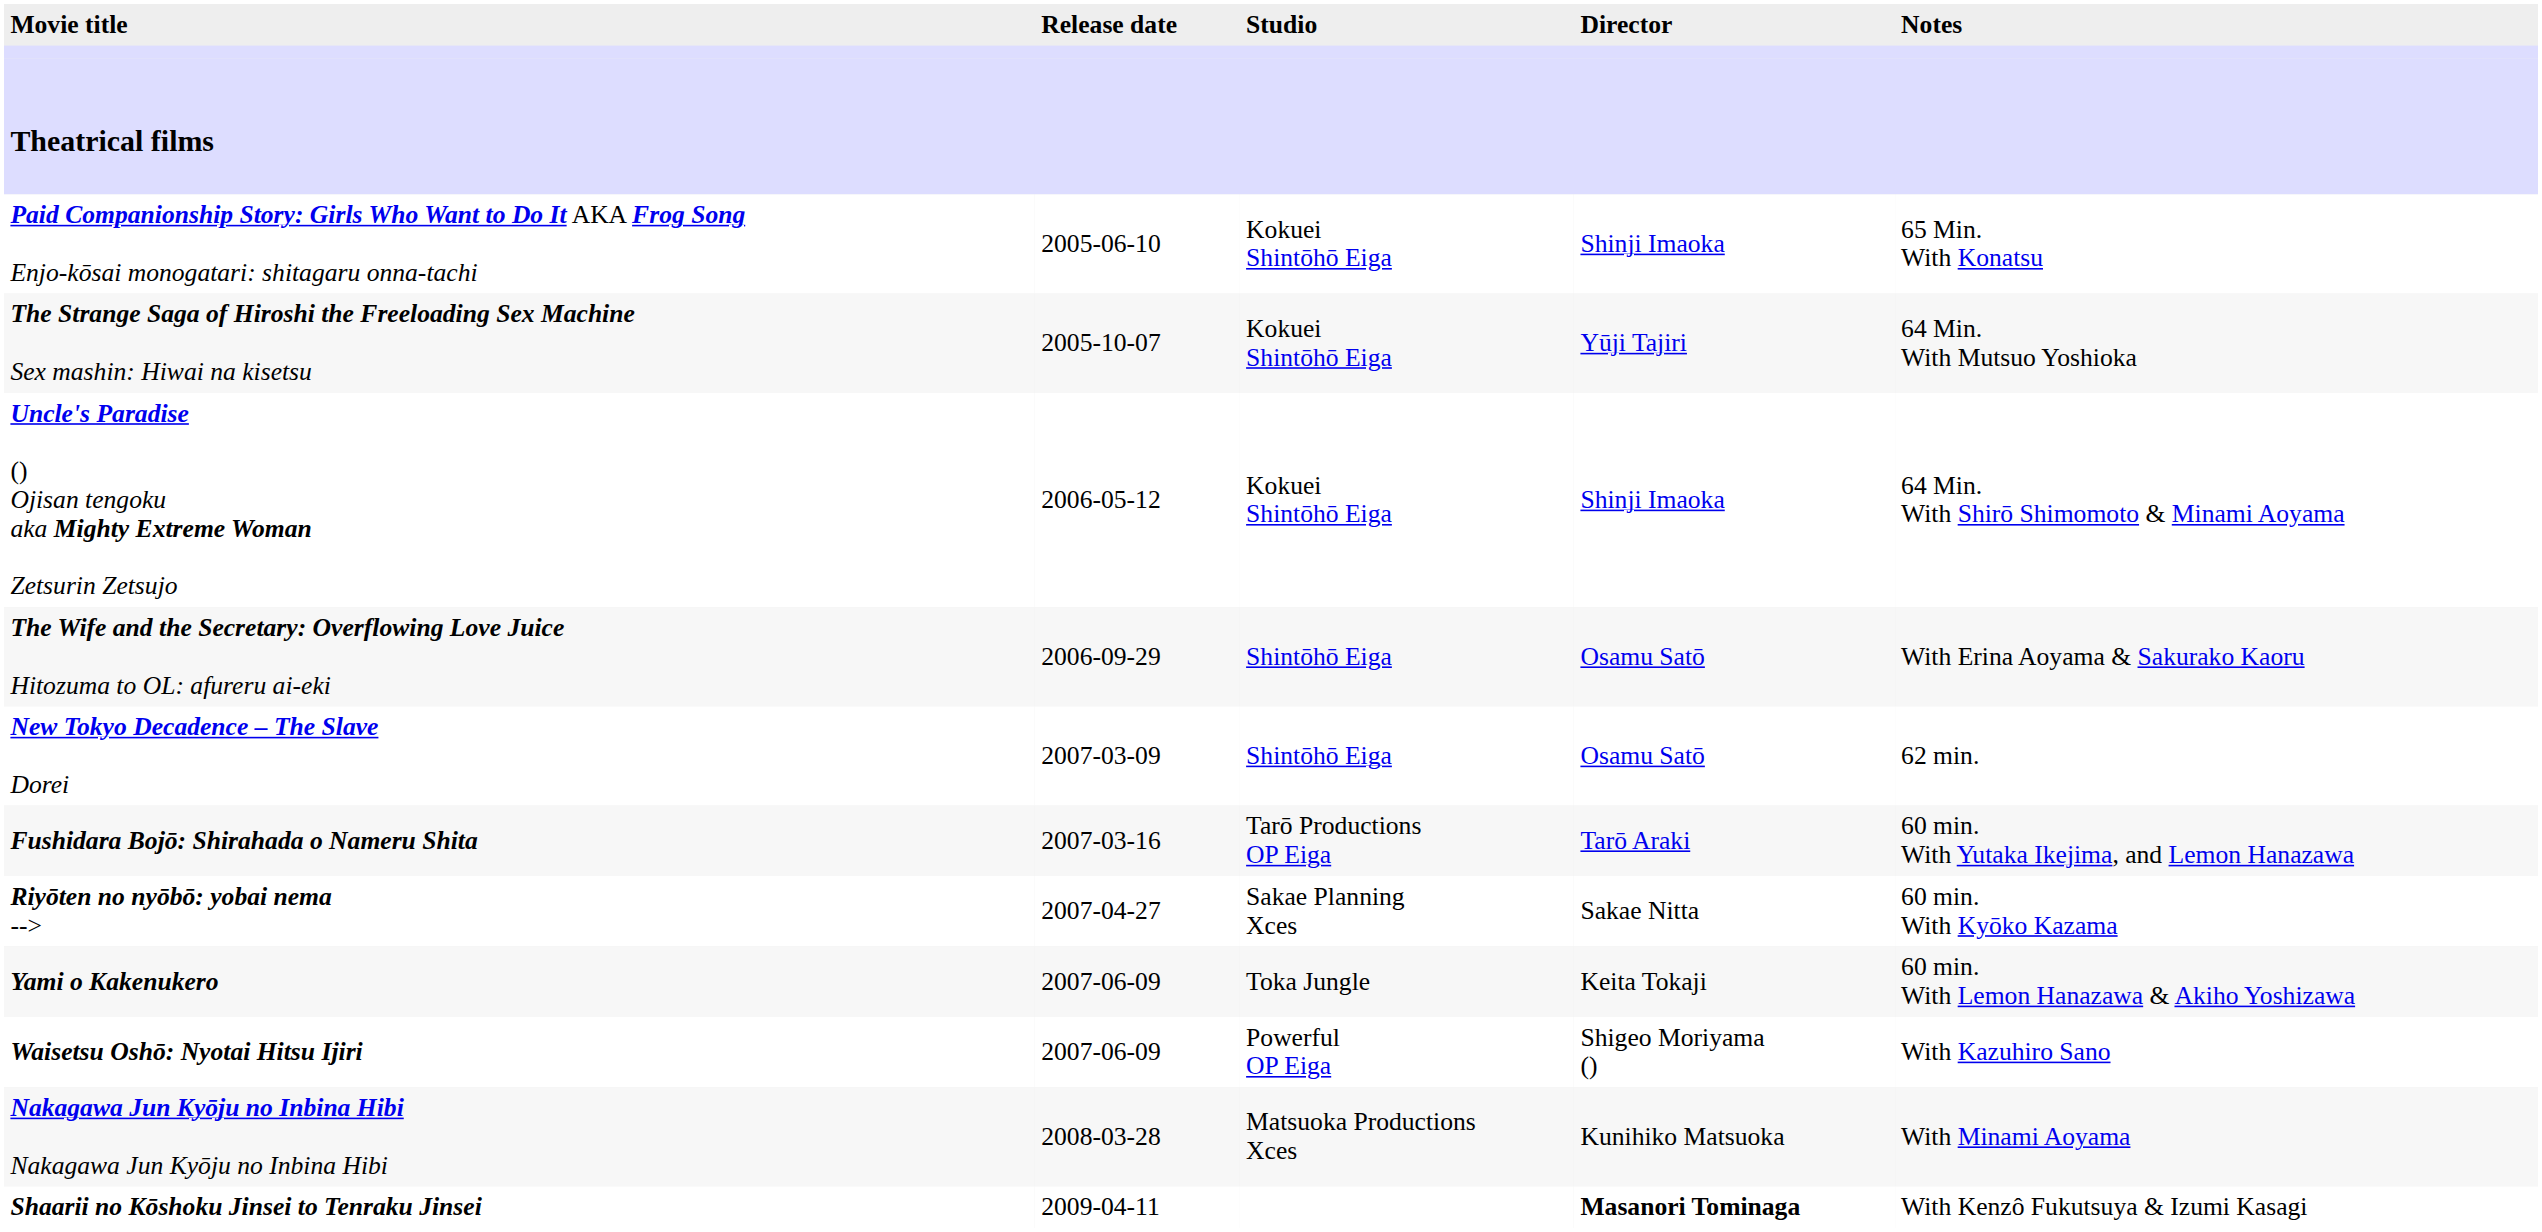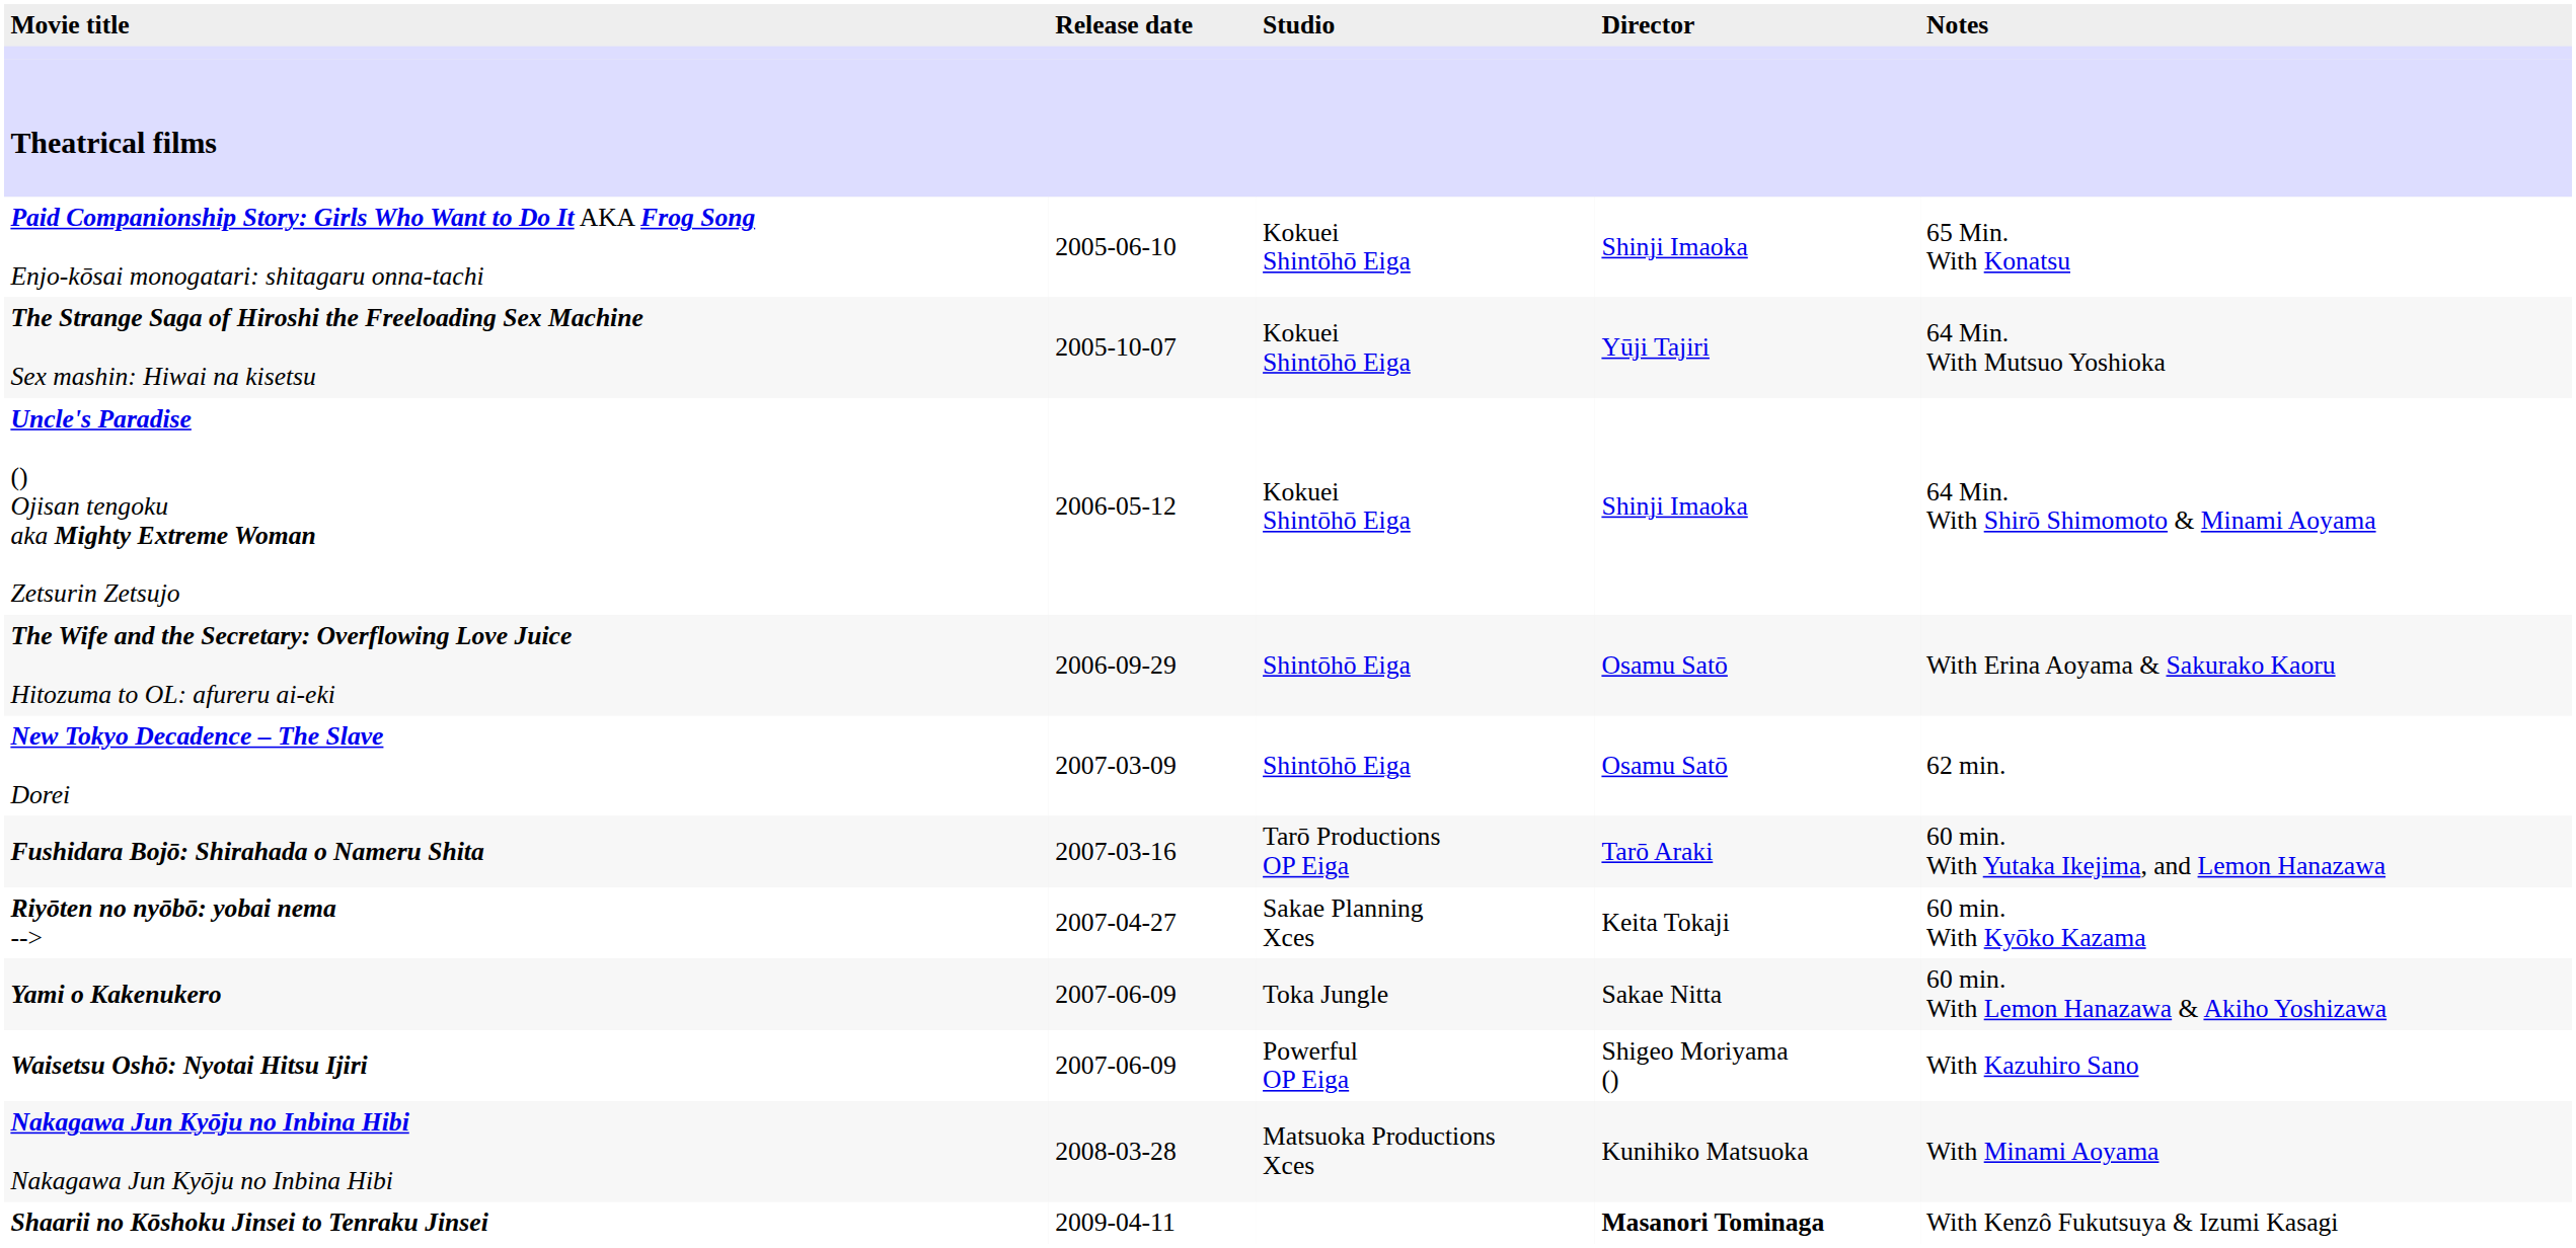 <table cellpadding=4 style="width:100%; text-align:left; border-width:0px; border-collapse:collapse; background:#eee;">
 <tr>
 <th>Movie title</th>
 <th>Release date</th>
 <th>Studio</th>
 <th>Director</th>
 <th>Notes</th>
 </tr>
 <tr>
 <td colspan=6 style=background-color:#ddf;></td>
 </tr>
 <tr>
 <td colspan=6 style=background-color:#ddf;><br><h3>Theatrical films</h3></td>
 </tr>
 <tr style=background:#fff;>
 <td><strong><em><a href='#'>Paid Companionship Story: Girls Who Want to Do It</a></em></strong> AKA <strong><em><a href='#'>Frog Song</a></em></strong><br><br><em>Enjo-kōsai monogatari: shitagaru onna-tachi</em></td>
 <td>2005-06-10</td>
 <td>Kokuei<br><a href='#'>Shintōhō Eiga</a></td>
 <td><a href='#'>Shinji Imaoka</a></td>
 <td>65 Min.<br>With <a href='#'>Konatsu</a></td>
 </tr>
 <tr style=background:#f7f7f7;>
 <td><strong><em>The Strange Saga of Hiroshi the Freeloading Sex Machine</em></strong><br><br><em>Sex mashin: Hiwai na kisetsu</em></td>
 <td>2005-10-07</td>
 <td>Kokuei<br><a href='#'>Shintōhō Eiga</a></td>
 <td><a href='#'>Yūji Tajiri</a></td>
 <td>64 Min.<br>With Mutsuo Yoshioka</td>
 </tr>
 <tr style=background:#fff;>
 <td><strong><em><a href='#'>Uncle's Paradise</a></em></strong><br><br>()<br><em>Ojisan tengoku</em><br><em>aka</em> <strong><em>Mighty Extreme Woman</em></strong><br><br><em>Zetsurin Zetsujo</em></td>
 <td>2006-05-12</td>
 <td>Kokuei<br><a href='#'>Shintōhō Eiga</a></td>
 <td><a href='#'>Shinji Imaoka</a></td>
 <td>64 Min.<br>With <a href='#'>Shirō Shimomoto</a> & <a href='#'>Minami Aoyama</a></td>
 </tr>
 <tr style=background:#f7f7f7;>
 <td><strong><em>The Wife and the Secretary: Overflowing Love Juice</em></strong><br><br><em>Hitozuma to OL: afureru ai-eki</em></td>
 <td>2006-09-29</td>
 <td><a href='#'>Shintōhō Eiga</a></td>
 <td><a href='#'>Osamu Satō</a></td>
 <td>With Erina Aoyama & <a href='#'>Sakurako Kaoru</a></td>
 </tr>
 <tr style=background:#fff;>
 <td><strong><em><a href='#'>New Tokyo Decadence – The Slave</a></em></strong><br><br><em>Dorei</em></td>
 <td>2007-03-09</td>
 <td><a href='#'>Shintōhō Eiga</a></td>
 <td><a href='#'>Osamu Satō</a></td>
 <td>62 min.</td>
 </tr>
 <tr style=background:#f7f7f7;>
 <td><strong><em>Fushidara Bojō: Shirahada o Nameru Shita</em></strong><br></td>
 <td>2007-03-16</td>
 <td>Tarō Productions<br><a href='#'>OP Eiga</a></td>
 <td><a href='#'>Tarō Araki</a></td>
 <td>60 min.<br>With <a href='#'>Yutaka Ikejima</a>, and <a href='#'>Lemon Hanazawa</a></td>
 </tr>
 <tr style=background:#fff;>
 <td><strong><em>Riyōten no nyōbō: yobai nema</em></strong><br>--></td>
 <td>2007-04-27</td>
 <td>Sakae Planning<br>Xces</td>
-<td>Sakae Nitta</td>
+<td>Keita Tokaji</td>
 <td>60 min.<br>With <a href='#'>Kyōko Kazama</a></td>
 </tr>
 <tr style=background:#f7f7f7;>
 <td><strong><em>Yami o Kakenukero</em></strong><br></td>
 <td>2007-06-09</td>
 <td>Toka Jungle</td>
-<td>Keita Tokaji</td>
+<td>Sakae Nitta</td>
 <td>60 min.<br>With <a href='#'>Lemon Hanazawa</a> & <a href='#'>Akiho Yoshizawa</a></td>
 </tr>
 <tr style=background:#fff;>
 <td><strong><em>Waisetsu Oshō: Nyotai Hitsu Ijiri</em></strong><br></td>
 <td>2007-06-09</td>
 <td>Powerful<br><a href='#'>OP Eiga</a></td>
 <td>Shigeo Moriyama<br>()</td>
 <td>With <a href='#'>Kazuhiro Sano</a></td>
 </tr>
 <tr style=background:#f7f7f7;>
 <td><strong><em><a href='#'>Nakagawa Jun Kyōju no Inbina Hibi</a></em></strong><br><br><em>Nakagawa Jun Kyōju no Inbina Hibi</em></td>
 <td>2008-03-28</td>
 <td>Matsuoka Productions<br>Xces</td>
 <td>Kunihiko Matsuoka</td>
 <td>With <a href='#'>Minami Aoyama</a></td>
 </tr>
 <tr style=background:#fff;>
 <td><strong><em>Shaarii no Kōshoku Jinsei to Tenraku Jinsei</em></strong><br></td>
 <td>2009-04-11</td>
 <td></td>
 <td><strong>Masanori Tominaga</strong></td>
 <td>With Kenzô Fukutsuya & Izumi Kasagi</td>
 </tr>
 </table>
